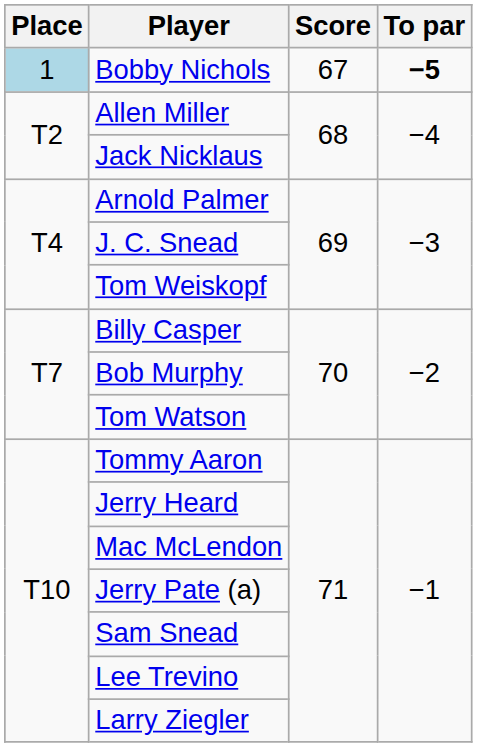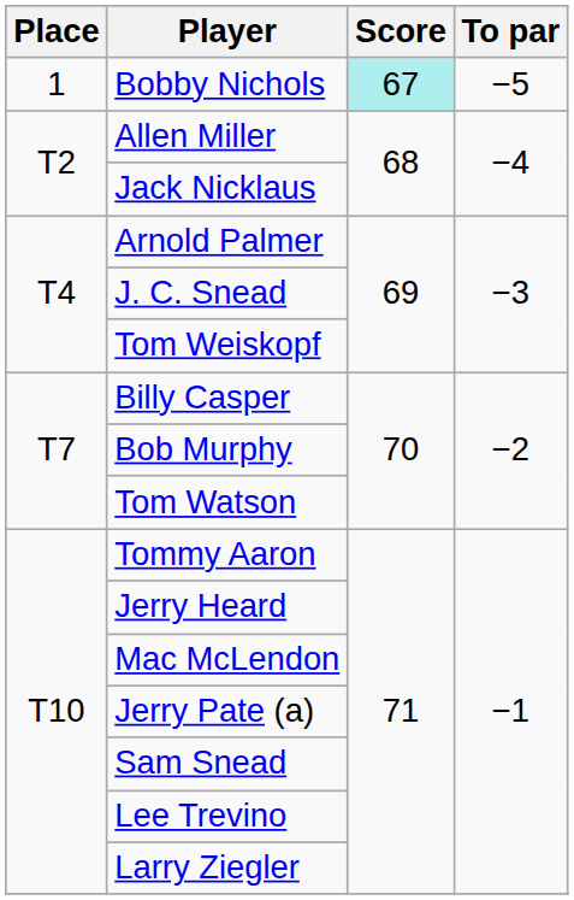 <table class="wikitable">
 <tr>
 <th>Place</th>
 <th>Player</th>
 <th>Score</th>
 <th>To par</th>
 </tr>
 <tr>
-<td align=center style="background: lightblue;">1</td>
+<td align=center>1</td>
 <td> <a href='#'>Bobby Nichols</a></td>
-<td align=center>67</td>
-<td align=center><strong>−5</strong></td>
+<td align=center style="background: paleturquoise;">67</td>
+<td align=center>−5</td>
 </tr>
 <tr>
 <td align=center rowspan=2>T2</td>
 <td> <a href='#'>Allen Miller</a></td>
 <td rowspan=2 align=center>68</td>
 <td rowspan=2 align="center">−4</td>
 </tr>
 <tr>
 <td> <a href='#'>Jack Nicklaus</a></td>
 </tr>
 <tr>
 <td rowspan=3 align="center">T4</td>
 <td> <a href='#'>Arnold Palmer</a></td>
 <td rowspan=3 align=center>69</td>
 <td rowspan=3 align="center">−3</td>
 </tr>
 <tr>
 <td> <a href='#'>J. C. Snead</a></td>
 </tr>
 <tr>
 <td> <a href='#'>Tom Weiskopf</a></td>
 </tr>
 <tr>
 <td rowspan=3 align="center">T7</td>
 <td> <a href='#'>Billy Casper</a></td>
 <td rowspan=3 align=center>70</td>
 <td rowspan=3 align="center">−2</td>
 </tr>
 <tr>
 <td> <a href='#'>Bob Murphy</a></td>
 </tr>
 <tr>
 <td> <a href='#'>Tom Watson</a></td>
 </tr>
 <tr>
 <td rowspan=7 align="center">T10</td>
 <td> <a href='#'>Tommy Aaron</a></td>
 <td rowspan=7 align=center>71</td>
 <td rowspan=7 align="center">−1</td>
 </tr>
 <tr>
 <td> <a href='#'>Jerry Heard</a></td>
 </tr>
 <tr>
 <td> <a href='#'>Mac McLendon</a></td>
 </tr>
 <tr>
 <td> <a href='#'>Jerry Pate</a> (a)</td>
 </tr>
 <tr>
 <td> <a href='#'>Sam Snead</a></td>
 </tr>
 <tr>
 <td> <a href='#'>Lee Trevino</a></td>
 </tr>
 <tr>
 <td> <a href='#'>Larry Ziegler</a></td>
 </tr>
 </table>
